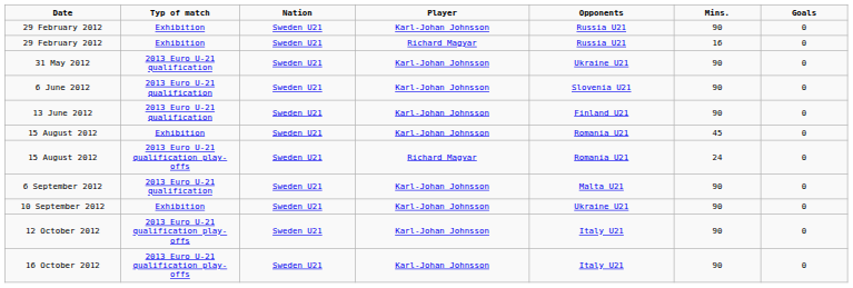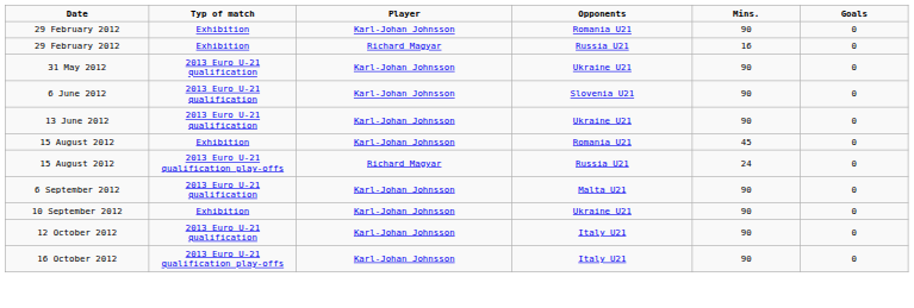 <table class= width=90% border="2" cellpadding="4" cellspacing="0" style="text-align=center: 1em 1em 1em 0; background: #f9f9f9; border: 1px #aaa solid; border-collapse: collapse; font-size: 95%;">
 <tr>
 <th width=8%>Date</th>
 <th width=8%>Typ of match</th>
-<th width=8%>Nation</th>
 <th width=12%>Player</th>
 <th width=10%>Opponents</th>
 <th width=6%>Mins.</th>
 <th width=6%>Goals</th>
 </tr>
 <tr>
 <td align=center>29 February 2012</td>
 <td align=center><a href='#'>Exhibition</a></td>
-<td align=center> <a href='#'>Sweden U21</a></td>
 <td align=center><a href='#'>Karl-Johan Johnsson</a></td>
-<td align=center> <a href='#'>Russia U21</a></td>
+<td align=center> <a href='#'>Romania U21</a></td>
 <td align=center>90</td>
 <td align=center>0</td>
 </tr>
 <tr>
 <td align=center>29 February 2012</td>
 <td align=center><a href='#'>Exhibition</a></td>
-<td align=center> <a href='#'>Sweden U21</a></td>
 <td align=center><a href='#'>Richard Magyar</a></td>
 <td align=center> <a href='#'>Russia U21</a></td>
 <td align=center>16</td>
 <td align=center>0</td>
 </tr>
 <tr>
 <td align=center>31 May 2012</td>
 <td align=center><a href='#'>2013 Euro U-21 qualification</a></td>
-<td align=center> <a href='#'>Sweden U21</a></td>
 <td align=center><a href='#'>Karl-Johan Johnsson</a></td>
 <td align=center> <a href='#'>Ukraine U21</a></td>
 <td align=center>90</td>
 <td align=center>0</td>
 </tr>
 <tr>
 <td align=center>6 June 2012</td>
 <td align=center><a href='#'>2013 Euro U-21 qualification</a></td>
-<td align=center> <a href='#'>Sweden U21</a></td>
 <td align=center><a href='#'>Karl-Johan Johnsson</a></td>
 <td align=center> <a href='#'>Slovenia U21</a></td>
 <td align=center>90</td>
 <td align=center>0</td>
 </tr>
 <tr>
 <td align=center>13 June 2012</td>
 <td align=center><a href='#'>2013 Euro U-21 qualification</a></td>
-<td align=center> <a href='#'>Sweden U21</a></td>
 <td align=center><a href='#'>Karl-Johan Johnsson</a></td>
-<td align=center> <a href='#'>Finland U21</a></td>
+<td align=center> <a href='#'>Ukraine U21</a></td>
 <td align=center>90</td>
 <td align=center>0</td>
 </tr>
 <tr>
 <td align=center>15 August 2012</td>
 <td align=center><a href='#'>Exhibition</a></td>
-<td align=center> <a href='#'>Sweden U21</a></td>
 <td align=center><a href='#'>Karl-Johan Johnsson</a></td>
 <td align=center> <a href='#'>Romania U21</a></td>
 <td align=center>45</td>
 <td align=center>0</td>
 </tr>
 <tr>
 <td align=center>15 August 2012</td>
 <td align=center><a href='#'>2013 Euro U-21 qualification play-offs</a></td>
-<td align=center> <a href='#'>Sweden U21</a></td>
 <td align=center><a href='#'>Richard Magyar</a></td>
-<td align=center> <a href='#'>Romania U21</a></td>
+<td align=center> <a href='#'>Russia U21</a></td>
 <td align=center>24</td>
 <td align=center>0</td>
 </tr>
 <tr>
 <td align=center>6 September 2012</td>
 <td align=center><a href='#'>2013 Euro U-21 qualification</a></td>
-<td align=center> <a href='#'>Sweden U21</a></td>
 <td align=center><a href='#'>Karl-Johan Johnsson</a></td>
 <td align=center> <a href='#'>Malta U21</a></td>
 <td align=center>90</td>
 <td align=center>0</td>
 </tr>
 <tr>
 <td align=center>10 September 2012</td>
 <td align=center><a href='#'>Exhibition</a></td>
-<td align=center> <a href='#'>Sweden U21</a></td>
 <td align=center><a href='#'>Karl-Johan Johnsson</a></td>
 <td align=center> <a href='#'>Ukraine U21</a></td>
 <td align=center>90</td>
 <td align=center>0</td>
 </tr>
 <tr>
 <td align=center>12 October 2012</td>
-<td align=center><a href='#'>2013 Euro U-21 qualification play-offs</a></td>
-<td align=center> <a href='#'>Sweden U21</a></td>
+<td align=center><a href='#'>2013 Euro U-21 qualification</a></td>
 <td align=center><a href='#'>Karl-Johan Johnsson</a></td>
 <td align=center> <a href='#'>Italy U21</a></td>
 <td align=center>90</td>
 <td align=center>0</td>
 </tr>
 <tr>
 <td align=center>16 October 2012</td>
 <td align=center><a href='#'>2013 Euro U-21 qualification play-offs</a></td>
-<td align=center> <a href='#'>Sweden U21</a></td>
 <td align=center><a href='#'>Karl-Johan Johnsson</a></td>
 <td align=center> <a href='#'>Italy U21</a></td>
 <td align=center>90</td>
 <td align=center>0</td>
 </tr>
 </table>
